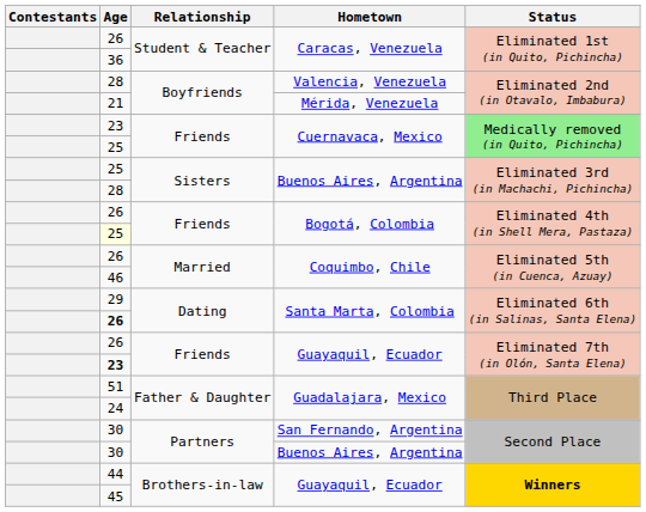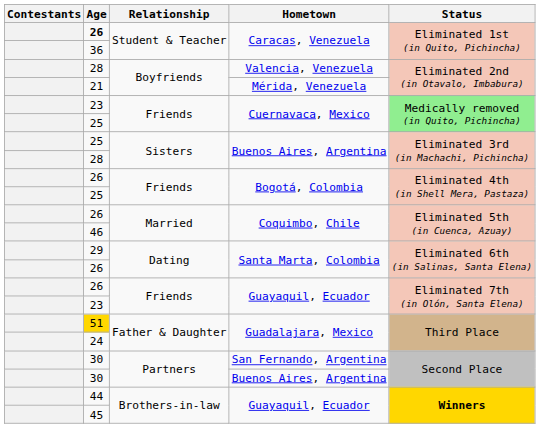 <table class="wikitable sortable" style="text-align:center;">
 <tr>
 <th scope="col">Contestants</th>
 <th scope="col">Age</th>
 <th class="unsortable" scope="col">Relationship</th>
 <th scope="col" class="unsortable">Hometown</th>
 <th scope="col">Status</th>
 </tr>
 <tr>
 <th scope="row"></th>
-<td>26</td>
+<td><strong>26</strong></td>
 <td rowspan="2">Student & Teacher</td>
 <td rowspan="2"><a href='#'>Caracas</a>, <a href='#'>Venezuela</a></td>
 <td rowspan="2" bgcolor="f4c7b8">Eliminated 1st<br><small><em>(in Quito, Pichincha)</em></small></td>
 </tr>
 <tr>
 <th scope="row"></th>
 <td>36</td>
 </tr>
 <tr>
 <th scope="row"></th>
 <td>28</td>
 <td rowspan="2">Boyfriends</td>
 <td><a href='#'>Valencia</a>, <a href='#'>Venezuela</a></td>
 <td rowspan="2" bgcolor="f4c7b8">Eliminated 2nd<br><small><em>(in Otavalo, Imbabura)</em></small></td>
 </tr>
 <tr>
 <th scope="row"></th>
 <td>21</td>
 <td><a href='#'>Mérida</a>, <a href='#'>Venezuela</a></td>
 </tr>
 <tr>
 <th scope="row"></th>
 <td>23</td>
 <td rowspan="2">Friends</td>
 <td rowspan="2"><a href='#'>Cuernavaca</a>, <a href='#'>Mexico</a></td>
 <td rowspan="2" bgcolor="lightgreen">Medically removed<br><small><em>(in Quito, Pichincha)</em></small></td>
 </tr>
 <tr>
 <th scope="row"></th>
 <td>25</td>
 </tr>
 <tr>
 <th scope="row"></th>
 <td>25</td>
 <td rowspan="2">Sisters</td>
 <td rowspan="2"><a href='#'>Buenos Aires</a>, <a href='#'>Argentina</a></td>
 <td rowspan="2" bgcolor="f4c7b8">Eliminated 3rd<br><small><em>(in Machachi, Pichincha)</em></small></td>
 </tr>
 <tr>
 <th scope="row"></th>
 <td>28</td>
 </tr>
 <tr>
 <th scope="row"></th>
 <td>26</td>
 <td rowspan="2">Friends</td>
 <td rowspan="2"><a href='#'>Bogotá</a>, <a href='#'>Colombia</a></td>
 <td rowspan="2" bgcolor="f4c7b8">Eliminated 4th<br><small><em>(in Shell Mera, Pastaza)</em></small></td>
 </tr>
 <tr>
 <th scope="row"></th>
-<td style="background: lightyellow;">25</td>
+<td>25</td>
 </tr>
 <tr>
 <th scope="row"></th>
 <td>26</td>
 <td rowspan="2">Married</td>
 <td rowspan="2"><a href='#'>Coquimbo</a>, <a href='#'>Chile</a></td>
 <td rowspan="2" bgcolor="f4c7b8">Eliminated 5th<br><small><em>(in Cuenca, Azuay)</em></small></td>
 </tr>
 <tr>
 <th scope="row"></th>
 <td>46</td>
 </tr>
 <tr>
 <th scope="row"></th>
 <td>29</td>
 <td rowspan="2">Dating</td>
 <td rowspan="2"><a href='#'>Santa Marta</a>, <a href='#'>Colombia</a></td>
 <td rowspan="2" bgcolor="f4c7b8">Eliminated 6th<br><small><em>(in Salinas, Santa Elena)</em></small></td>
 </tr>
 <tr>
 <th scope="row"></th>
-<td><strong>26</strong></td>
+<td>26</td>
 </tr>
 <tr>
 <th scope="row"></th>
 <td>26</td>
 <td rowspan="2">Friends</td>
 <td rowspan="2"><a href='#'>Guayaquil</a>, <a href='#'>Ecuador</a></td>
 <td rowspan="2" bgcolor="f4c7b8">Eliminated 7th<br><small><em>(in Olón, Santa Elena)</em></small></td>
 </tr>
 <tr>
 <th scope="row"></th>
-<td><strong>23</strong></td>
+<td>23</td>
 </tr>
 <tr>
 <th scope="row"></th>
-<td>51</td>
+<td style="background: gold;">51</td>
 <td rowspan="2">Father & Daughter</td>
 <td rowspan="2"><a href='#'>Guadalajara</a>, <a href='#'>Mexico</a></td>
 <td rowspan="2" bgcolor="tan">Third Place</td>
 </tr>
 <tr>
 <th scope="row"></th>
 <td>24</td>
 </tr>
 <tr>
 <th scope="row"></th>
 <td>30</td>
 <td rowspan="2">Partners</td>
 <td><a href='#'>San Fernando</a>, <a href='#'>Argentina</a></td>
 <td rowspan="2" bgcolor="silver">Second Place</td>
 </tr>
 <tr>
 <th scope="row"></th>
 <td>30</td>
 <td><a href='#'>Buenos Aires</a>, <a href='#'>Argentina</a></td>
 </tr>
 <tr>
 <th scope="row"></th>
 <td>44</td>
 <td rowspan="2">Brothers-in-law</td>
 <td rowspan="2"><a href='#'>Guayaquil</a>, <a href='#'>Ecuador</a></td>
 <td rowspan="2" bgcolor="gold"><strong>Winners</strong></td>
 </tr>
 <tr>
 <th scope="row"></th>
 <td>45</td>
 </tr>
 </table>
